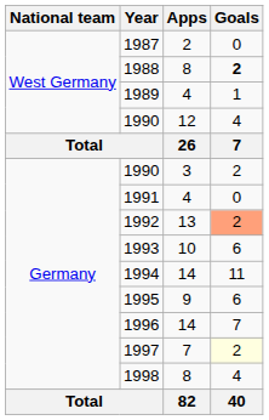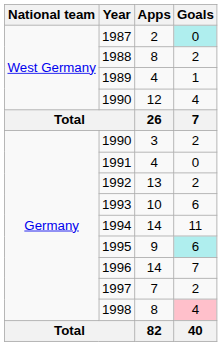 <table class="wikitable" style="text-align:center">
 <tr>
 <th>National team</th>
 <th>Year</th>
 <th>Apps</th>
 <th>Goals</th>
 </tr>
 <tr>
 <td rowspan="4"><a href='#'>West Germany</a></td>
 <td>1987</td>
 <td>2</td>
-<td>0</td>
+<td style="background: paleturquoise;">0</td>
 </tr>
 <tr>
 <td>1988</td>
 <td>8</td>
-<td><strong>2</strong></td>
+<td>2</td>
 </tr>
 <tr>
 <td>1989</td>
 <td>4</td>
 <td>1</td>
 </tr>
 <tr>
 <td>1990</td>
 <td>12</td>
 <td>4</td>
 </tr>
 <tr>
 <th colspan="2">Total</th>
 <th>26</th>
 <th>7</th>
 </tr>
 <tr>
 <td rowspan="9"><a href='#'>Germany</a></td>
 <td>1990</td>
 <td>3</td>
 <td>2</td>
 </tr>
 <tr>
 <td>1991</td>
 <td>4</td>
 <td>0</td>
 </tr>
 <tr>
 <td>1992</td>
 <td>13</td>
-<td style="background: lightsalmon;">2</td>
+<td>2</td>
 </tr>
 <tr>
 <td>1993</td>
 <td>10</td>
 <td>6</td>
 </tr>
 <tr>
 <td>1994</td>
 <td>14</td>
 <td>11</td>
 </tr>
 <tr>
 <td>1995</td>
 <td>9</td>
-<td>6</td>
+<td style="background: paleturquoise;">6</td>
 </tr>
 <tr>
 <td>1996</td>
 <td>14</td>
 <td>7</td>
 </tr>
 <tr>
 <td>1997</td>
 <td>7</td>
-<td style="background: lightyellow;">2</td>
+<td>2</td>
 </tr>
 <tr>
 <td>1998</td>
 <td>8</td>
-<td>4</td>
+<td style="background: pink;">4</td>
 </tr>
 <tr>
 <th colspan="2">Total</th>
 <th>82</th>
 <th>40</th>
 </tr>
 </table>
